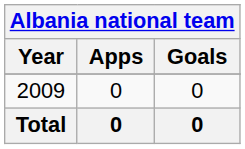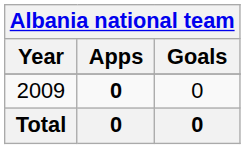 <table class="wikitable" style="text-align:center">
 <tr>
 <th colspan=3><a href='#'>Albania national team</a></th>
 </tr>
 <tr>
 <th>Year</th>
 <th>Apps</th>
 <th>Goals</th>
 </tr>
 <tr>
 </tr>
 <tr>
 <td>2009</td>
-<td>0</td>
+<td><strong>0</strong></td>
 <td>0</td>
 </tr>
 <tr>
 <th>Total</th>
 <th>0</th>
 <th>0</th>
 </tr>
 </table>
